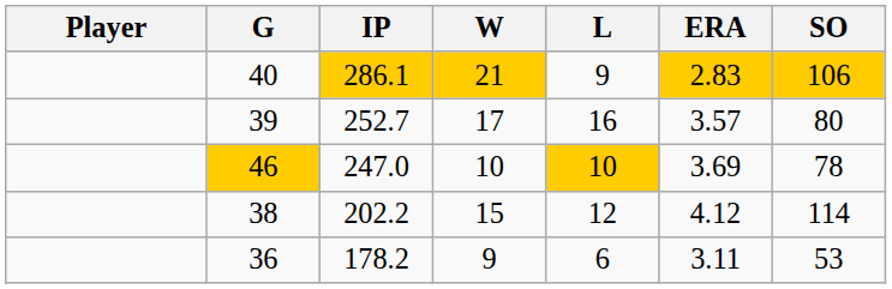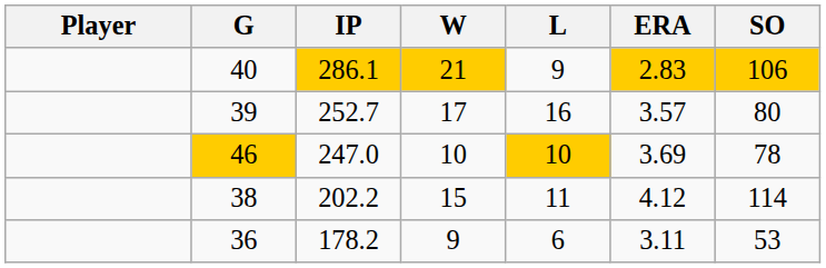 <table class="wikitable sortable">
 <tr>
 <th bgcolor="#DDDDFF" width="16%">Player</th>
 <th bgcolor="#DDDDFF" width="9%">G</th>
 <th bgcolor="#DDDDFF" width="9%">IP</th>
 <th bgcolor="#DDDDFF" width="9%">W</th>
 <th bgcolor="#DDDDFF" width="9%">L</th>
 <th bgcolor="#DDDDFF" width="9%">ERA</th>
 <th bgcolor="#DDDDFF" width="9%">SO</th>
 </tr>
 <tr align="center">
 <td></td>
 <td>40</td>
 <td style="background:#fc0;">286.1</td>
 <td style="background:#fc0;">21</td>
 <td>9</td>
 <td style="background:#fc0;">2.83</td>
 <td style="background:#fc0;">106</td>
 </tr>
 <tr align="center">
 <td></td>
 <td>39</td>
 <td>252.7</td>
 <td>17</td>
 <td>16</td>
 <td>3.57</td>
 <td>80</td>
 </tr>
 <tr align="center">
 <td></td>
 <td style="background:#fc0;">46</td>
 <td>247.0</td>
 <td>10</td>
 <td style="background:#fc0;">10</td>
 <td>3.69</td>
 <td>78</td>
 </tr>
 <tr align="center">
 <td></td>
 <td>38</td>
 <td>202.2</td>
 <td>15</td>
-<td>12</td>
+<td>11</td>
 <td>4.12</td>
 <td>114</td>
 </tr>
 <tr align="center">
 <td></td>
 <td>36</td>
 <td>178.2</td>
 <td>9</td>
 <td>6</td>
 <td>3.11</td>
 <td>53</td>
 </tr>
 </table>
